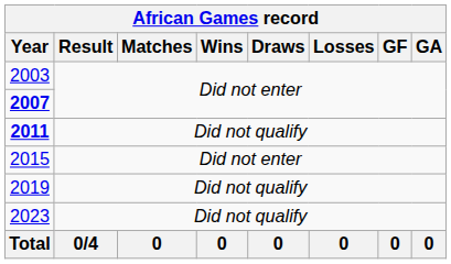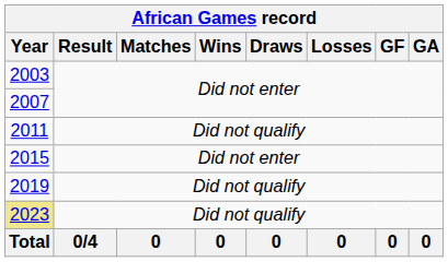 <table class="wikitable" style="text-align: center;">
 <tr>
 <th colspan=8><a href='#'>African Games</a> record</th>
 </tr>
 <tr>
 <th>Year</th>
 <th>Result</th>
 <th>Matches</th>
 <th>Wins</th>
 <th>Draws</th>
 <th>Losses</th>
 <th>GF</th>
 <th>GA</th>
 </tr>
 <tr>
 <td> <a href='#'>2003</a></td>
 <td rowspan=2 colspan=8><em>Did not enter</em></td>
 </tr>
 <tr>
-<td><strong> <a href='#'>2007</a></strong></td>
+<td> <a href='#'>2007</a></td>
 </tr>
 <tr>
-<td><strong> <a href='#'>2011</a></strong></td>
+<td> <a href='#'>2011</a></td>
 <td colspan=8><em>Did not qualify</em></td>
 </tr>
 <tr>
 <td> <a href='#'>2015</a></td>
 <td colspan=8><em>Did not enter</em></td>
 </tr>
 <tr>
 <td> <a href='#'>2019</a></td>
 <td colspan=8><em>Did not qualify</em></td>
 </tr>
 <tr>
-<td> <a href='#'>2023</a></td>
+<td style="background: khaki;"> <a href='#'>2023</a></td>
 <td colspan=8><em>Did not qualify</em></td>
 </tr>
 <tr>
 <th>Total</th>
 <th>0/4</th>
 <th>0</th>
 <th>0</th>
 <th>0</th>
 <th>0</th>
 <th>0</th>
 <th>0</th>
 </tr>
 </table>
